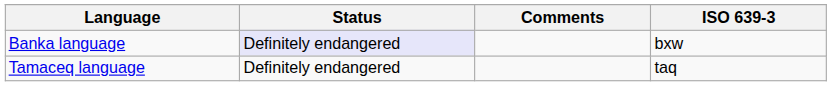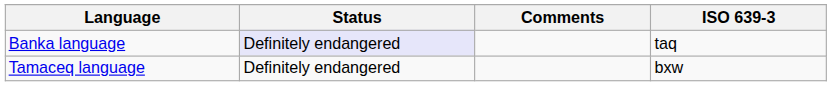 <table class="wikitable" style="margin:auto; font-size:90%;">
 <tr>
 </tr>
 <tr>
 <th style="width:20%;">Language</th>
 <th style="width:20%;">Status</th>
 <th style="width:15%;">Comments</th>
 <th style="width:15%;">ISO 639-3</th>
 </tr>
 <tr>
 <td><a href='#'>Banka language</a></td>
 <td style="background: lavender;">Definitely endangered</td>
 <td> </td>
-<td>bxw</td>
+<td>taq</td>
 </tr>
 <tr>
 <td><a href='#'>Tamaceq language</a></td>
 <td>Definitely endangered</td>
 <td> </td>
-<td>taq</td>
+<td>bxw</td>
 </tr>
 </table>
